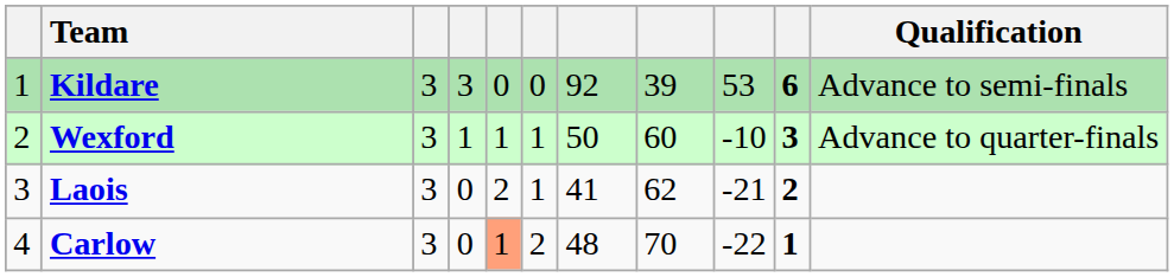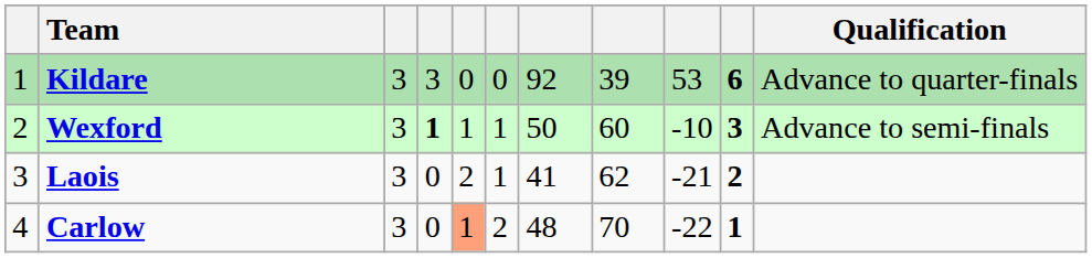 <table class="wikitable">
 <tr>
 <th width="10"></th>
 <th width="170" style="text-align:left;">Team</th>
 <th width="10"></th>
 <th width="10"></th>
 <th width="10"></th>
 <th width="10"></th>
 <th width="30"></th>
 <th width="30"></th>
 <th width="10"></th>
 <th width="10"></th>
 <th>Qualification</th>
 </tr>
 <tr style="background:#ace1af">
 <td>1</td>
 <td align="left"><strong> <a href='#'>Kildare</a></strong></td>
 <td>3</td>
 <td>3</td>
 <td>0</td>
 <td>0</td>
 <td>92</td>
 <td>39</td>
 <td>53</td>
 <td><strong>6</strong></td>
-<td>Advance to semi-finals</td>
+<td>Advance to quarter-finals</td>
 </tr>
 <tr style="background:#ccffcc">
 <td>2</td>
 <td align="left"><strong> <a href='#'>Wexford</a></strong></td>
 <td>3</td>
-<td>1</td>
+<td><strong>1</strong></td>
 <td>1</td>
 <td>1</td>
 <td>50</td>
 <td>60</td>
 <td>-10</td>
 <td><strong>3</strong></td>
-<td>Advance to quarter-finals</td>
+<td>Advance to semi-finals</td>
 </tr>
 <tr>
 <td>3</td>
 <td align="left"><strong> <a href='#'>Laois</a></strong></td>
 <td>3</td>
 <td>0</td>
 <td>2</td>
 <td>1</td>
 <td>41</td>
 <td>62</td>
 <td>-21</td>
 <td><strong>2</strong></td>
 </tr>
 <tr>
 <td>4</td>
 <td align="left"><strong> <a href='#'>Carlow</a></strong></td>
 <td>3</td>
 <td>0</td>
 <td style="background: lightsalmon;">1</td>
 <td>2</td>
 <td>48</td>
 <td>70</td>
 <td>-22</td>
 <td><strong>1</strong></td>
 <td></td>
 </tr>
 </table>
